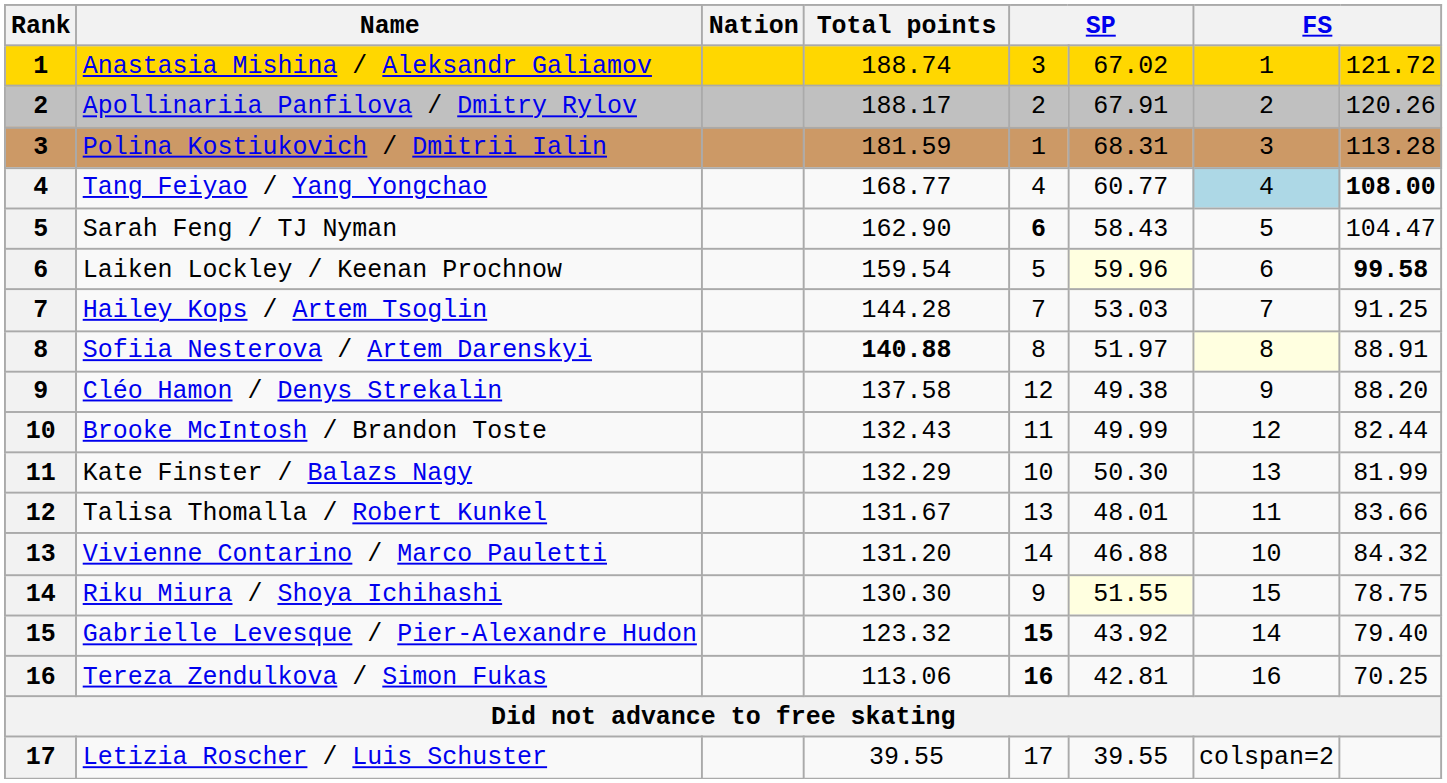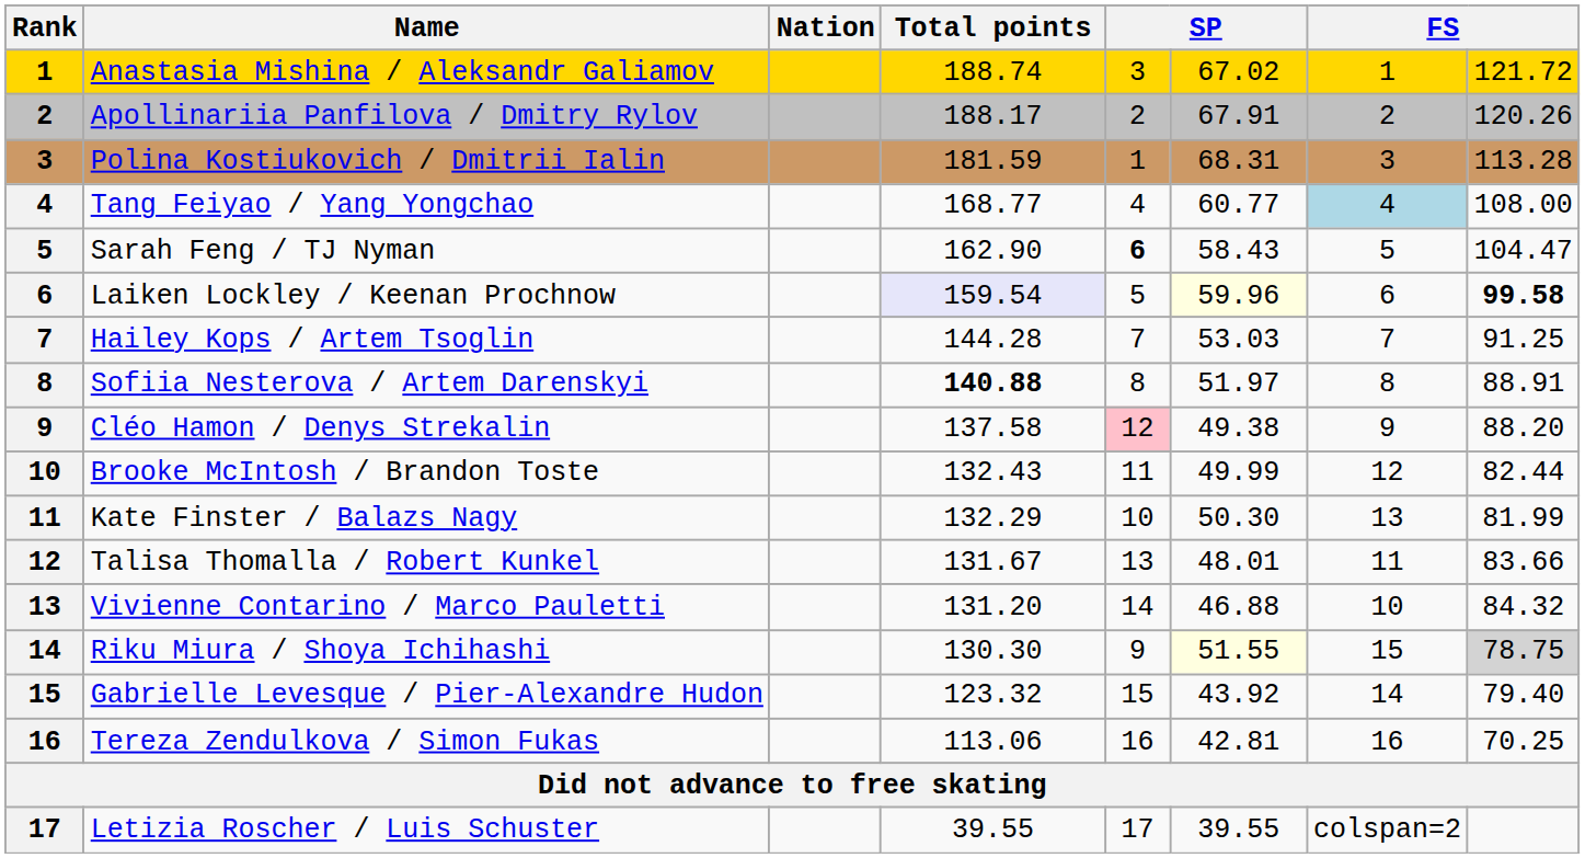 <table class="wikitable sortable">
 <tr>
 <th>Rank</th>
 <th>Name</th>
 <th>Nation</th>
 <th width="100px">Total points</th>
 <th colspan="2" width="90px"><a href='#'>SP</a></th>
 <th colspan="2" width="90px"><a href='#'>FS</a></th>
 </tr>
 <tr bgcolor="gold">
 <td align="center" bgcolor="gold"><strong>1</strong></td>
 <td><a href='#'>Anastasia Mishina</a> / <a href='#'>Aleksandr Galiamov</a></td>
 <td></td>
 <td align="center">188.74</td>
 <td align="center">3</td>
 <td align="center">67.02</td>
 <td align="center">1</td>
 <td align="center">121.72</td>
 </tr>
 <tr bgcolor="silver">
 <td align="center" bgcolor="silver"><strong>2</strong></td>
 <td><a href='#'>Apollinariia Panfilova</a> / <a href='#'>Dmitry Rylov</a></td>
 <td></td>
 <td align="center">188.17</td>
 <td align="center">2</td>
 <td align="center">67.91</td>
 <td align="center">2</td>
 <td align="center">120.26</td>
 </tr>
 <tr bgcolor="#cc9966">
 <td align="center" bgcolor="#cc9966"><strong>3</strong></td>
 <td><a href='#'>Polina Kostiukovich</a> / <a href='#'>Dmitrii Ialin</a></td>
 <td></td>
 <td align="center">181.59</td>
 <td align="center">1</td>
 <td align="center">68.31</td>
 <td align="center">3</td>
 <td align="center">113.28</td>
 </tr>
 <tr>
 <th>4</th>
 <td><a href='#'>Tang Feiyao</a> / <a href='#'>Yang Yongchao</a></td>
 <td></td>
 <td align="center">168.77</td>
 <td align="center">4</td>
 <td align="center">60.77</td>
 <td align="center" style="background: lightblue;">4</td>
-<td align="center"><strong>108.00</strong></td>
+<td align="center">108.00</td>
 </tr>
 <tr>
 <th>5</th>
 <td>Sarah Feng / TJ Nyman</td>
 <td></td>
 <td align="center">162.90</td>
 <td align="center"><strong>6</strong></td>
 <td align="center">58.43</td>
 <td align="center">5</td>
 <td align="center">104.47</td>
 </tr>
 <tr>
 <th>6</th>
 <td>Laiken Lockley / Keenan Prochnow</td>
 <td></td>
-<td align="center">159.54</td>
+<td align="center" style="background: lavender;">159.54</td>
 <td align="center">5</td>
 <td align="center" style="background: lightyellow;">59.96</td>
 <td align="center">6</td>
 <td align="center"><strong>99.58</strong></td>
 </tr>
 <tr>
 <th>7</th>
 <td><a href='#'>Hailey Kops</a> / <a href='#'>Artem Tsoglin</a></td>
 <td></td>
 <td align="center">144.28</td>
 <td align="center">7</td>
 <td align="center">53.03</td>
 <td align="center">7</td>
 <td align="center">91.25</td>
 </tr>
 <tr>
 <th>8</th>
 <td><a href='#'>Sofiia Nesterova</a> / <a href='#'>Artem Darenskyi</a></td>
 <td></td>
 <td align="center"><strong>140.88</strong></td>
 <td align="center">8</td>
 <td align="center">51.97</td>
-<td align="center" style="background: lightyellow;">8</td>
+<td align="center">8</td>
 <td align="center">88.91</td>
 </tr>
 <tr>
 <th>9</th>
 <td><a href='#'>Cléo Hamon</a> / <a href='#'>Denys Strekalin</a></td>
 <td></td>
 <td align="center">137.58</td>
-<td align="center">12</td>
+<td align="center" style="background: pink;">12</td>
 <td align="center">49.38</td>
 <td align="center">9</td>
 <td align="center">88.20</td>
 </tr>
 <tr>
 <th>10</th>
 <td><a href='#'>Brooke McIntosh</a> / Brandon Toste</td>
 <td></td>
 <td align="center">132.43</td>
 <td align="center">11</td>
 <td align="center">49.99</td>
 <td align="center">12</td>
 <td align="center">82.44</td>
 </tr>
 <tr>
 <th>11</th>
 <td>Kate Finster / <a href='#'>Balazs Nagy</a></td>
 <td></td>
 <td align="center">132.29</td>
 <td align="center">10</td>
 <td align="center">50.30</td>
 <td align="center">13</td>
 <td align="center">81.99</td>
 </tr>
 <tr>
 <th>12</th>
 <td>Talisa Thomalla / <a href='#'>Robert Kunkel</a></td>
 <td></td>
 <td align="center">131.67</td>
 <td align="center">13</td>
 <td align="center">48.01</td>
 <td align="center">11</td>
 <td align="center">83.66</td>
 </tr>
 <tr>
 <th>13</th>
 <td><a href='#'>Vivienne Contarino</a> / <a href='#'>Marco Pauletti</a></td>
 <td></td>
 <td align="center">131.20</td>
 <td align="center">14</td>
 <td align="center">46.88</td>
 <td align="center">10</td>
 <td align="center">84.32</td>
 </tr>
 <tr>
 <th>14</th>
 <td><a href='#'>Riku Miura</a> / <a href='#'>Shoya Ichihashi</a></td>
 <td></td>
 <td align="center">130.30</td>
 <td align="center">9</td>
 <td align="center" style="background: lightyellow;">51.55</td>
 <td align="center">15</td>
-<td align="center">78.75</td>
+<td align="center" style="background: lightgrey;">78.75</td>
 </tr>
 <tr>
 <th>15</th>
 <td><a href='#'>Gabrielle Levesque</a> / <a href='#'>Pier-Alexandre Hudon</a></td>
 <td></td>
 <td align="center">123.32</td>
-<td align="center"><strong>15</strong></td>
+<td align="center">15</td>
 <td align="center">43.92</td>
 <td align="center">14</td>
 <td align="center">79.40</td>
 </tr>
 <tr>
 <th>16</th>
 <td><a href='#'>Tereza Zendulkova</a> / <a href='#'>Simon Fukas</a></td>
 <td></td>
 <td align="center">113.06</td>
-<td align="center"><strong>16</strong></td>
+<td align="center">16</td>
 <td align="center">42.81</td>
 <td align="center">16</td>
 <td align="center">70.25</td>
 </tr>
 <tr>
 <th colspan=8>Did not advance to free skating</th>
 </tr>
 <tr>
 <th>17</th>
 <td><a href='#'>Letizia Roscher</a> / <a href='#'>Luis Schuster</a></td>
 <td></td>
 <td align="center">39.55</td>
 <td align="center">17</td>
 <td align="center">39.55</td>
 <td>colspan=2 </td>
 </tr>
 </table>
